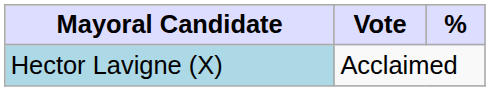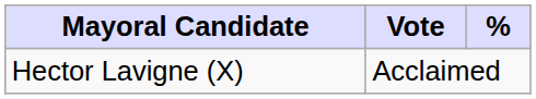 <table class="wikitable">
 <tr>
 <th style="background:#ddf; width:200px;">Mayoral Candidate </th>
 <th style="background:#ddf; width:50px;">Vote</th>
 <th style="background:#ddf; width:30px;">%</th>
 </tr>
 <tr>
-<td style="background: lightblue;">Hector Lavigne (X)</td>
+<td>Hector Lavigne (X)</td>
 <td colspan="2">Acclaimed</td>
 </tr>
 </table>
